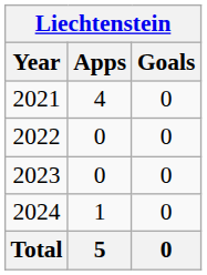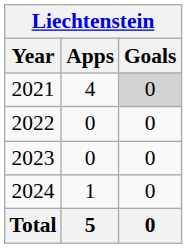 <table class="wikitable" style="text-align:center">
 <tr>
 <th colspan="3"><a href='#'>Liechtenstein</a></th>
 </tr>
 <tr>
 <th>Year</th>
 <th>Apps</th>
 <th>Goals</th>
 </tr>
 <tr>
 <td>2021</td>
 <td>4</td>
-<td>0</td>
+<td style="background: lightgrey;">0</td>
 </tr>
 <tr>
 <td>2022</td>
 <td>0</td>
 <td>0</td>
 </tr>
 <tr>
 <td>2023</td>
 <td>0</td>
 <td>0</td>
 </tr>
 <tr>
 <td>2024</td>
 <td>1</td>
 <td>0</td>
 </tr>
 <tr>
 <th colspan="1">Total</th>
 <th>5</th>
 <th>0</th>
 </tr>
 </table>
